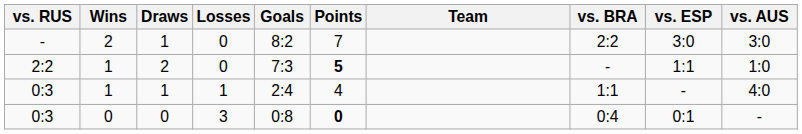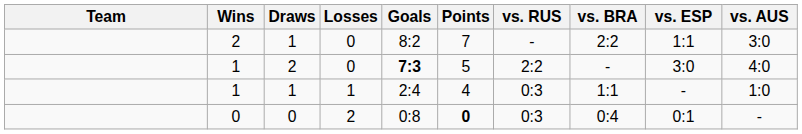 <table class="wikitable" style="text-align:center;">
 <tr>
-<th width=70>vs. RUS</th>
+<th width=200>Team</th>
 <th width=50>Wins</th>
 <th width=50>Draws</th>
 <th width=50>Losses</th>
 <th width=50>Goals</th>
 <th width=50>Points</th>
-<th width=200>Team</th>
+<th width=70>vs. RUS</th>
 <th width=70>vs. BRA</th>
 <th width=70>vs. ESP</th>
 <th width=70>vs. AUS</th>
 </tr>
 <tr>
-<td>-</td>
+<td align=left></td>
 <td>2</td>
 <td>1</td>
 <td>0</td>
 <td>8:2</td>
 <td>7</td>
-<td align=left></td>
+<td>-</td>
 <td>2:2</td>
-<td>3:0</td>
+<td>1:1</td>
 <td>3:0</td>
 </tr>
 <tr>
-<td>2:2</td>
+<td align=left></td>
 <td>1</td>
 <td>2</td>
 <td>0</td>
-<td>7:3</td>
-<td><strong>5</strong></td>
-<td align=left></td>
+<td><strong>7:3</strong></td>
+<td>5</td>
+<td>2:2</td>
 <td>-</td>
-<td>1:1</td>
-<td>1:0</td>
+<td>3:0</td>
+<td>4:0</td>
 </tr>
 <tr>
-<td>0:3</td>
+<td align=left></td>
 <td>1</td>
 <td>1</td>
 <td>1</td>
 <td>2:4</td>
 <td>4</td>
-<td align=left></td>
+<td>0:3</td>
 <td>1:1</td>
 <td>-</td>
-<td>4:0</td>
+<td>1:0</td>
 </tr>
 <tr>
-<td>0:3</td>
+<td align=left></td>
 <td>0</td>
 <td>0</td>
-<td>3</td>
+<td>2</td>
 <td>0:8</td>
 <td><strong>0</strong></td>
-<td align=left></td>
+<td>0:3</td>
 <td>0:4</td>
 <td>0:1</td>
 <td>-</td>
 </tr>
 </table>
